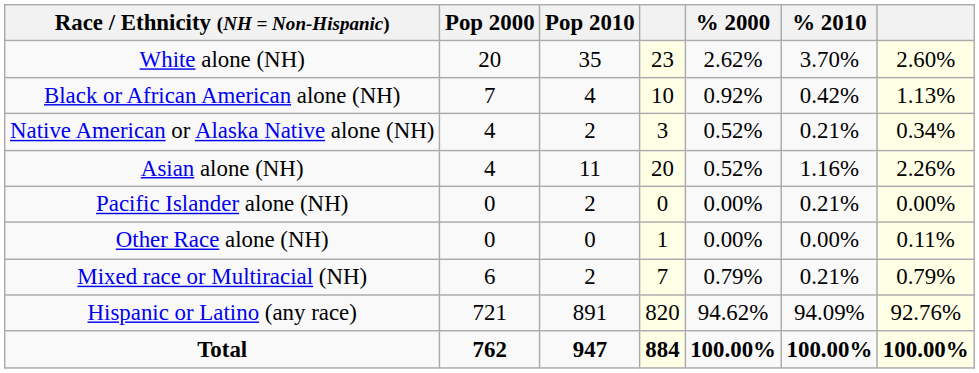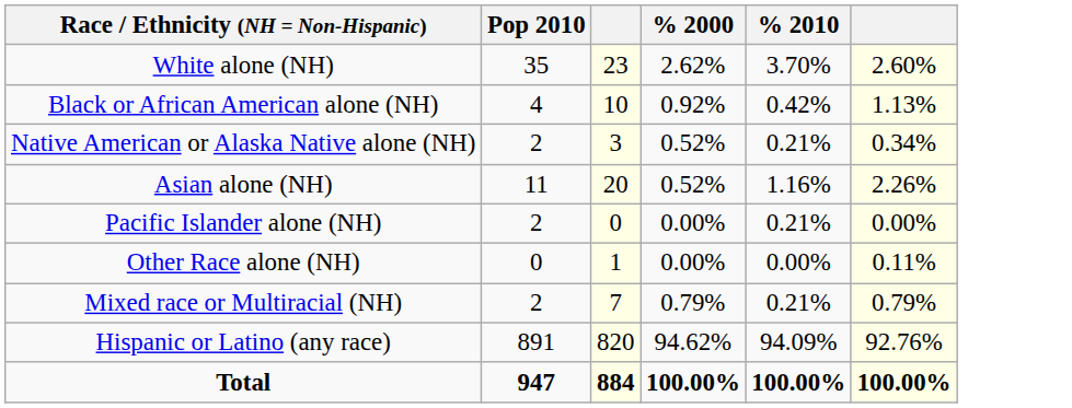 <table class="wikitable" style="text-align:center;">
 <tr>
 <th>Race / Ethnicity <small>(<em>NH = Non-Hispanic</em>)</small></th>
-<th>Pop 2000</th>
 <th>Pop 2010</th>
 <th></th>
 <th>% 2000</th>
 <th>% 2010</th>
 <th></th>
 </tr>
 <tr>
 <td><a href='#'>White</a> alone (NH)</td>
-<td>20</td>
 <td>35</td>
 <td style='background: #ffffe6;'>23</td>
 <td>2.62%</td>
 <td>3.70%</td>
 <td style='background: #ffffe6;'>2.60%</td>
 </tr>
 <tr>
 <td><a href='#'>Black or African American</a> alone (NH)</td>
-<td>7</td>
 <td>4</td>
 <td style='background: #ffffe6;'>10</td>
 <td>0.92%</td>
 <td>0.42%</td>
 <td style='background: #ffffe6;'>1.13%</td>
 </tr>
 <tr>
 <td><a href='#'>Native American</a> or <a href='#'>Alaska Native</a> alone (NH)</td>
-<td>4</td>
 <td>2</td>
 <td style='background: #ffffe6;'>3</td>
 <td>0.52%</td>
 <td>0.21%</td>
 <td style='background: #ffffe6;'>0.34%</td>
 </tr>
 <tr>
 <td><a href='#'>Asian</a> alone (NH)</td>
-<td>4</td>
 <td>11</td>
 <td style='background: #ffffe6;'>20</td>
 <td>0.52%</td>
 <td>1.16%</td>
 <td style='background: #ffffe6;'>2.26%</td>
 </tr>
 <tr>
 <td><a href='#'>Pacific Islander</a> alone (NH)</td>
-<td>0</td>
 <td>2</td>
 <td style='background: #ffffe6;'>0</td>
 <td>0.00%</td>
 <td>0.21%</td>
 <td style='background: #ffffe6;'>0.00%</td>
 </tr>
 <tr>
 <td><a href='#'>Other Race</a> alone (NH)</td>
 <td>0</td>
-<td>0</td>
 <td style='background: #ffffe6;'>1</td>
 <td>0.00%</td>
 <td>0.00%</td>
 <td style='background: #ffffe6;'>0.11%</td>
 </tr>
 <tr>
 <td><a href='#'>Mixed race or Multiracial</a> (NH)</td>
-<td>6</td>
 <td>2</td>
 <td style='background: #ffffe6;'>7</td>
 <td>0.79%</td>
 <td>0.21%</td>
 <td style='background: #ffffe6;'>0.79%</td>
 </tr>
 <tr>
 <td><a href='#'>Hispanic or Latino</a> (any race)</td>
-<td>721</td>
 <td>891</td>
 <td style='background: #ffffe6;'>820</td>
 <td>94.62%</td>
 <td>94.09%</td>
 <td style='background: #ffffe6;'>92.76%</td>
 </tr>
 <tr>
 <td><strong>Total</strong></td>
-<td><strong>762</strong></td>
 <td><strong>947</strong></td>
 <td style='background: #ffffe6;'><strong>884</strong></td>
 <td><strong>100.00%</strong></td>
 <td><strong>100.00%</strong></td>
 <td style='background: #ffffe6;'><strong>100.00%</strong></td>
 </tr>
 </table>
